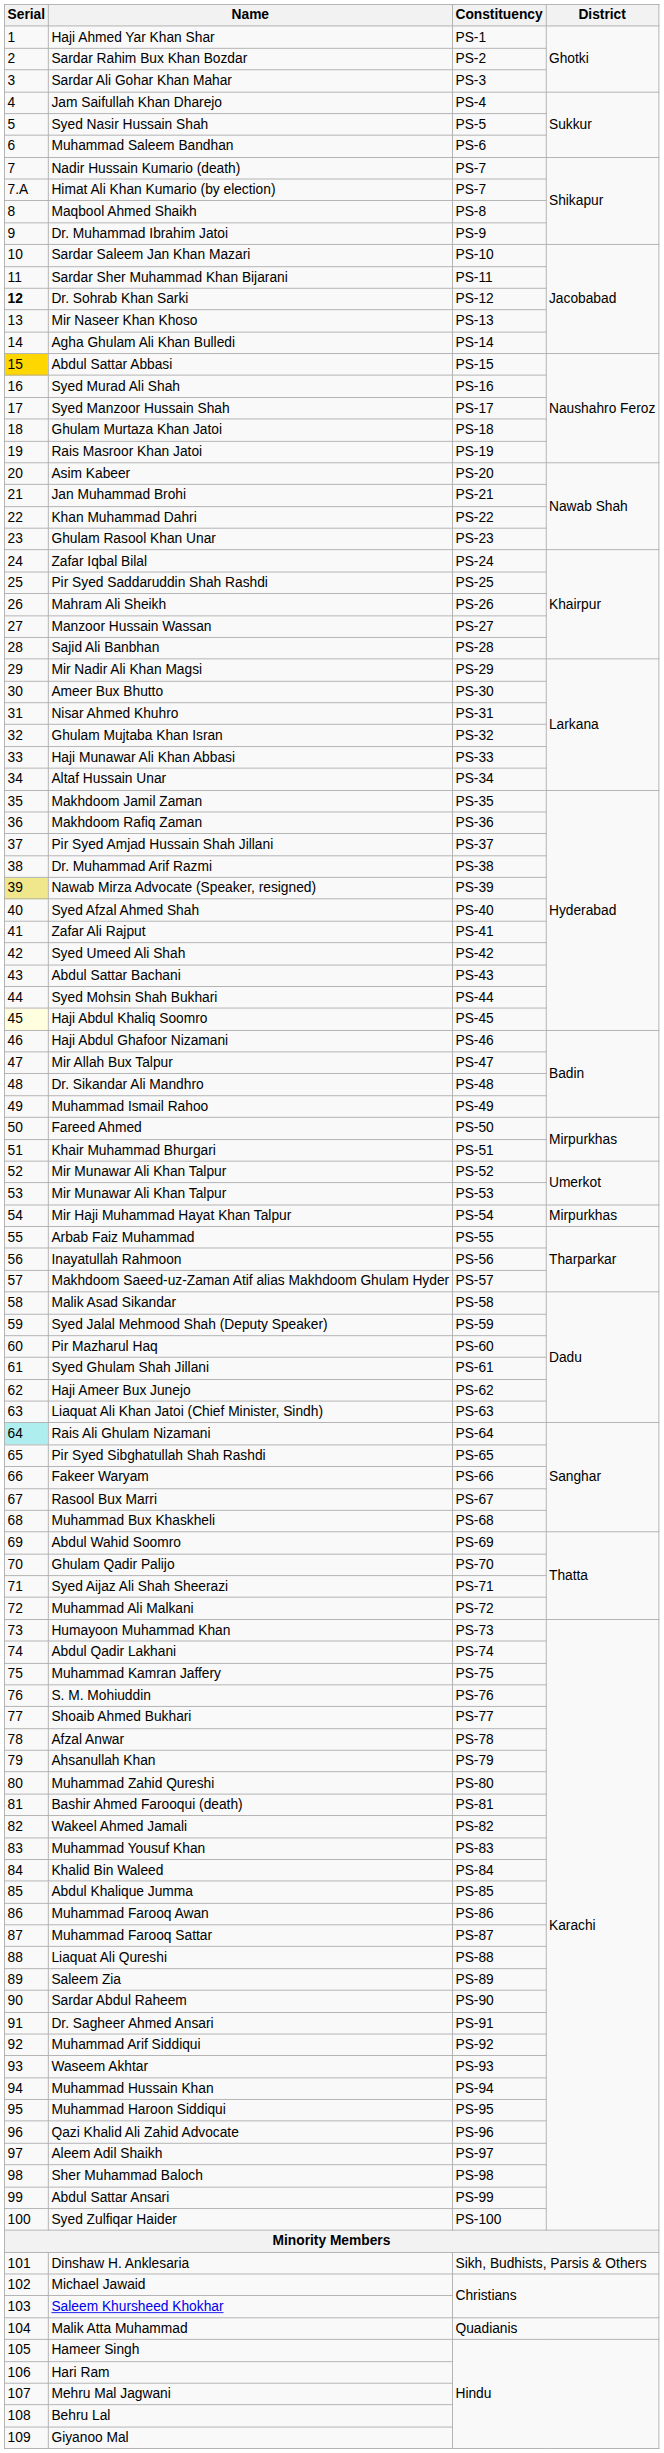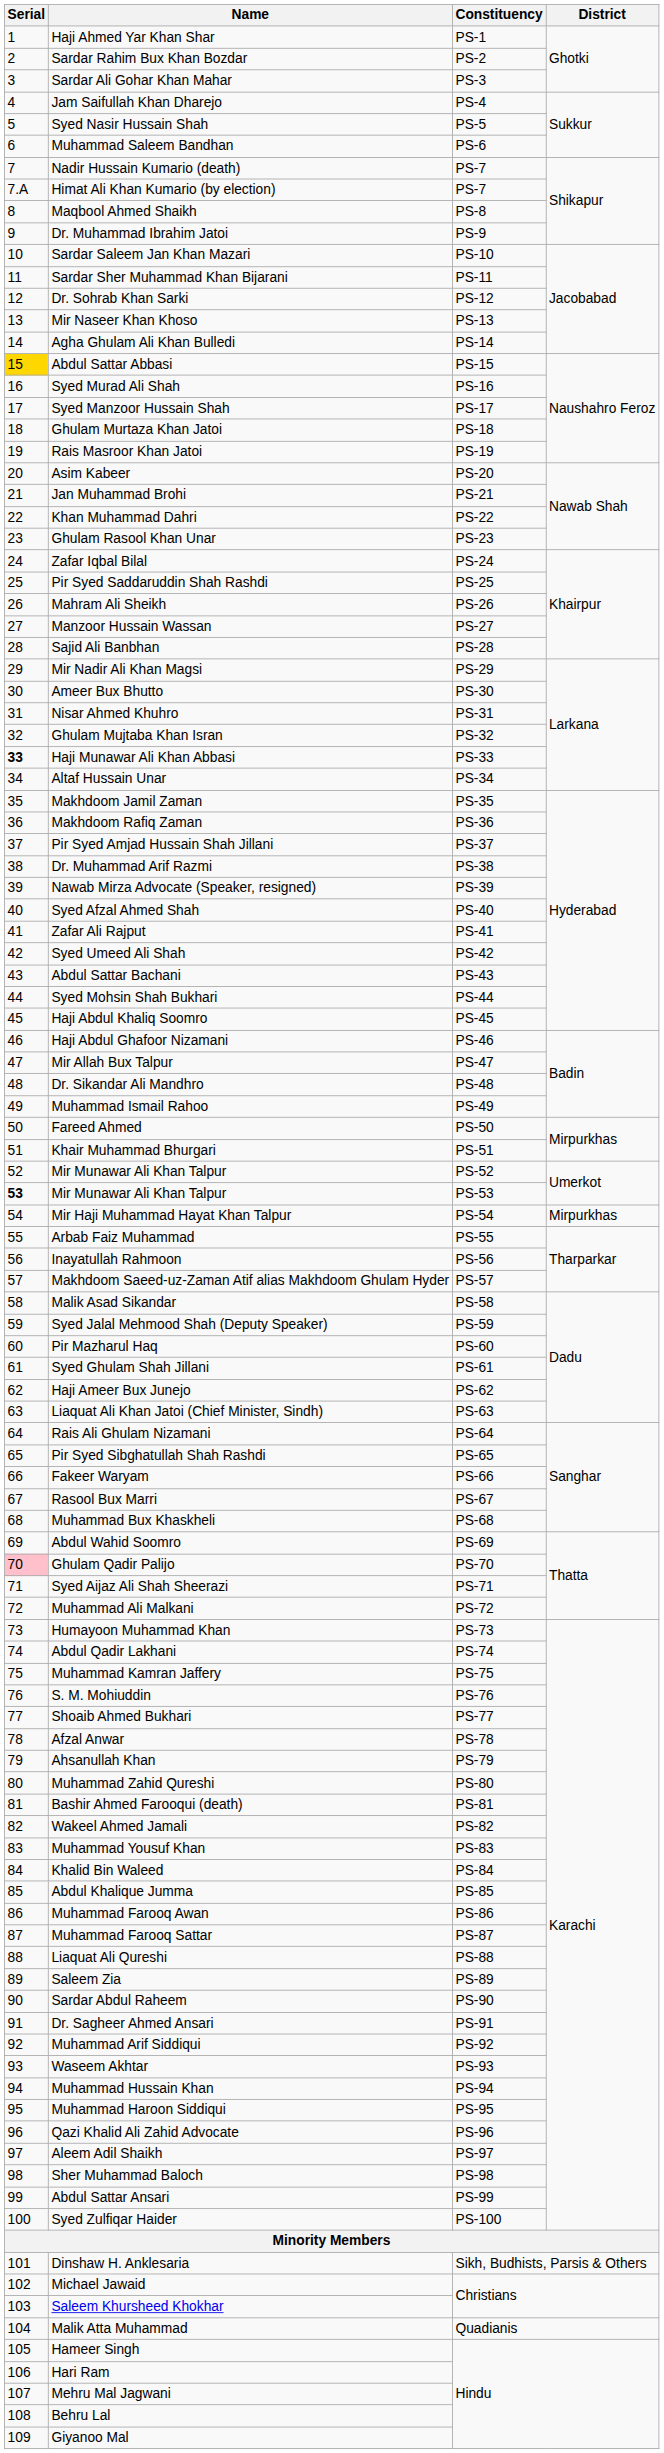 <table class="wikitable">
 <tr>
 <th>Serial</th>
 <th>Name</th>
 <th>Constituency</th>
 <th>District</th>
 </tr>
 <tr>
 <td>1</td>
 <td>Haji Ahmed Yar Khan Shar</td>
 <td>PS-1</td>
 <td rowspan="3">Ghotki</td>
 </tr>
 <tr>
 <td>2</td>
 <td>Sardar Rahim Bux Khan Bozdar</td>
 <td>PS-2</td>
 </tr>
 <tr>
 <td>3</td>
 <td>Sardar Ali Gohar Khan Mahar</td>
 <td>PS-3</td>
 </tr>
 <tr>
 <td>4</td>
 <td>Jam Saifullah Khan Dharejo</td>
 <td>PS-4</td>
 <td rowspan="3">Sukkur</td>
 </tr>
 <tr>
 <td>5</td>
 <td>Syed Nasir Hussain Shah</td>
 <td>PS-5</td>
 </tr>
 <tr>
 <td>6</td>
 <td>Muhammad Saleem Bandhan</td>
 <td>PS-6</td>
 </tr>
 <tr>
 <td>7</td>
 <td>Nadir Hussain Kumario (death)</td>
 <td>PS-7</td>
 <td rowspan="4">Shikapur</td>
 </tr>
 <tr>
 <td>7.A</td>
 <td>Himat Ali Khan Kumario (by election)</td>
 <td>PS-7</td>
 </tr>
 <tr>
 <td>8</td>
 <td>Maqbool Ahmed Shaikh</td>
 <td>PS-8</td>
 </tr>
 <tr>
 <td>9</td>
 <td>Dr. Muhammad Ibrahim Jatoi</td>
 <td>PS-9</td>
 </tr>
 <tr>
 <td>10</td>
 <td>Sardar Saleem Jan Khan Mazari</td>
 <td>PS-10</td>
 <td rowspan="5">Jacobabad</td>
 </tr>
 <tr>
 <td>11</td>
 <td>Sardar Sher Muhammad Khan Bijarani</td>
 <td>PS-11</td>
 </tr>
 <tr>
-<td><strong>12</strong></td>
+<td>12</td>
 <td>Dr. Sohrab Khan Sarki</td>
 <td>PS-12</td>
 </tr>
 <tr>
 <td>13</td>
 <td>Mir Naseer Khan Khoso</td>
 <td>PS-13</td>
 </tr>
 <tr>
 <td>14</td>
 <td>Agha Ghulam Ali Khan Bulledi</td>
 <td>PS-14</td>
 </tr>
 <tr>
 <td style="background: gold;">15</td>
 <td>Abdul Sattar Abbasi</td>
 <td>PS-15</td>
 <td rowspan="5">Naushahro Feroz</td>
 </tr>
 <tr>
 <td>16</td>
 <td>Syed Murad Ali Shah</td>
 <td>PS-16</td>
 </tr>
 <tr>
 <td>17</td>
 <td>Syed Manzoor Hussain Shah</td>
 <td>PS-17</td>
 </tr>
 <tr>
 <td>18</td>
 <td>Ghulam Murtaza Khan Jatoi</td>
 <td>PS-18</td>
 </tr>
 <tr>
 <td>19</td>
 <td>Rais Masroor Khan Jatoi</td>
 <td>PS-19</td>
 </tr>
 <tr>
 <td>20</td>
 <td>Asim Kabeer</td>
 <td>PS-20</td>
 <td rowspan="4">Nawab Shah</td>
 </tr>
 <tr>
 <td>21</td>
 <td>Jan Muhammad Brohi</td>
 <td>PS-21</td>
 </tr>
 <tr>
 <td>22</td>
 <td>Khan Muhammad Dahri</td>
 <td>PS-22</td>
 </tr>
 <tr>
 <td>23</td>
 <td>Ghulam Rasool Khan Unar</td>
 <td>PS-23</td>
 </tr>
 <tr>
 <td>24</td>
 <td>Zafar Iqbal Bilal</td>
 <td>PS-24</td>
 <td rowspan="5">Khairpur</td>
 </tr>
 <tr>
 <td>25</td>
 <td>Pir Syed Saddaruddin Shah Rashdi</td>
 <td>PS-25</td>
 </tr>
 <tr>
 <td>26</td>
 <td>Mahram Ali Sheikh</td>
 <td>PS-26</td>
 </tr>
 <tr>
 <td>27</td>
 <td>Manzoor Hussain Wassan</td>
 <td>PS-27</td>
 </tr>
 <tr>
 <td>28</td>
 <td>Sajid Ali Banbhan</td>
 <td>PS-28</td>
 </tr>
 <tr>
 <td>29</td>
 <td>Mir Nadir Ali Khan Magsi</td>
 <td>PS-29</td>
 <td rowspan="6">Larkana</td>
 </tr>
 <tr>
 <td>30</td>
 <td>Ameer Bux Bhutto</td>
 <td>PS-30</td>
 </tr>
 <tr>
 <td>31</td>
 <td>Nisar Ahmed Khuhro</td>
 <td>PS-31</td>
 </tr>
 <tr>
 <td>32</td>
 <td>Ghulam Mujtaba Khan Isran</td>
 <td>PS-32</td>
 </tr>
 <tr>
-<td>33</td>
+<td><strong>33</strong></td>
 <td>Haji Munawar Ali Khan Abbasi</td>
 <td>PS-33</td>
 </tr>
 <tr>
 <td>34</td>
 <td>Altaf Hussain Unar</td>
 <td>PS-34</td>
 </tr>
 <tr>
 <td>35</td>
 <td>Makhdoom Jamil Zaman</td>
 <td>PS-35</td>
 <td rowspan="11">Hyderabad</td>
 </tr>
 <tr>
 <td>36</td>
 <td>Makhdoom Rafiq Zaman</td>
 <td>PS-36</td>
 </tr>
 <tr>
 <td>37</td>
 <td>Pir Syed Amjad Hussain Shah Jillani</td>
 <td>PS-37</td>
 </tr>
 <tr>
 <td>38</td>
 <td>Dr. Muhammad Arif Razmi</td>
 <td>PS-38</td>
 </tr>
 <tr>
-<td style="background: khaki;">39</td>
+<td>39</td>
 <td>Nawab Mirza Advocate (Speaker, resigned)</td>
 <td>PS-39</td>
 </tr>
 <tr>
 <td>40</td>
 <td>Syed Afzal Ahmed Shah</td>
 <td>PS-40</td>
 </tr>
 <tr>
 <td>41</td>
 <td>Zafar Ali Rajput</td>
 <td>PS-41</td>
 </tr>
 <tr>
 <td>42</td>
 <td>Syed Umeed Ali Shah</td>
 <td>PS-42</td>
 </tr>
 <tr>
 <td>43</td>
 <td>Abdul Sattar Bachani</td>
 <td>PS-43</td>
 </tr>
 <tr>
 <td>44</td>
 <td>Syed Mohsin Shah Bukhari</td>
 <td>PS-44</td>
 </tr>
 <tr>
-<td style="background: lightyellow;">45</td>
+<td>45</td>
 <td>Haji Abdul Khaliq Soomro</td>
 <td>PS-45</td>
 </tr>
 <tr>
 <td>46</td>
 <td>Haji Abdul Ghafoor Nizamani</td>
 <td>PS-46</td>
 <td rowspan="4">Badin</td>
 </tr>
 <tr>
 <td>47</td>
 <td>Mir Allah Bux Talpur</td>
 <td>PS-47</td>
 </tr>
 <tr>
 <td>48</td>
 <td>Dr. Sikandar Ali Mandhro</td>
 <td>PS-48</td>
 </tr>
 <tr>
 <td>49</td>
 <td>Muhammad Ismail Rahoo</td>
 <td>PS-49</td>
 </tr>
 <tr>
 <td>50</td>
 <td>Fareed Ahmed</td>
 <td>PS-50</td>
 <td rowspan="2">Mirpurkhas</td>
 </tr>
 <tr>
 <td>51</td>
 <td>Khair Muhammad Bhurgari</td>
 <td>PS-51</td>
 </tr>
 <tr>
 <td>52</td>
 <td>Mir Munawar Ali Khan Talpur</td>
 <td>PS-52</td>
 <td rowspan="2">Umerkot</td>
 </tr>
 <tr>
-<td>53</td>
+<td><strong>53</strong></td>
 <td>Mir Munawar Ali Khan Talpur</td>
 <td>PS-53</td>
 </tr>
 <tr>
 <td>54</td>
 <td>Mir Haji Muhammad Hayat Khan Talpur</td>
 <td>PS-54</td>
 <td>Mirpurkhas</td>
 </tr>
 <tr>
 <td>55</td>
 <td>Arbab Faiz Muhammad</td>
 <td>PS-55</td>
 <td rowspan="3">Tharparkar</td>
 </tr>
 <tr>
 <td>56</td>
 <td>Inayatullah Rahmoon</td>
 <td>PS-56</td>
 </tr>
 <tr>
 <td>57</td>
 <td>Makhdoom Saeed-uz-Zaman Atif alias Makhdoom Ghulam Hyder</td>
 <td>PS-57</td>
 </tr>
 <tr>
 <td>58</td>
 <td>Malik Asad Sikandar</td>
 <td>PS-58</td>
 <td rowspan="6">Dadu</td>
 </tr>
 <tr>
 <td>59</td>
 <td>Syed Jalal Mehmood Shah (Deputy Speaker)</td>
 <td>PS-59</td>
 </tr>
 <tr>
 <td>60</td>
 <td>Pir Mazharul Haq</td>
 <td>PS-60</td>
 </tr>
 <tr>
 <td>61</td>
 <td>Syed Ghulam Shah Jillani</td>
 <td>PS-61</td>
 </tr>
 <tr>
 <td>62</td>
 <td>Haji Ameer Bux Junejo</td>
 <td>PS-62</td>
 </tr>
 <tr>
 <td>63</td>
 <td>Liaquat Ali Khan Jatoi (Chief Minister, Sindh)</td>
 <td>PS-63</td>
 </tr>
 <tr>
-<td style="background: paleturquoise;">64</td>
+<td>64</td>
 <td>Rais Ali Ghulam Nizamani</td>
 <td>PS-64</td>
 <td rowspan="5">Sanghar</td>
 </tr>
 <tr>
 <td>65</td>
 <td>Pir Syed Sibghatullah Shah Rashdi</td>
 <td>PS-65</td>
 </tr>
 <tr>
 <td>66</td>
 <td>Fakeer Waryam</td>
 <td>PS-66</td>
 </tr>
 <tr>
 <td>67</td>
 <td>Rasool Bux Marri</td>
 <td>PS-67</td>
 </tr>
 <tr>
 <td>68</td>
 <td>Muhammad Bux Khaskheli</td>
 <td>PS-68</td>
 </tr>
 <tr>
 <td>69</td>
 <td>Abdul Wahid Soomro</td>
 <td>PS-69</td>
 <td rowspan="4">Thatta</td>
 </tr>
 <tr>
-<td>70</td>
+<td style="background: pink;">70</td>
 <td>Ghulam Qadir Palijo</td>
 <td>PS-70</td>
 </tr>
 <tr>
 <td>71</td>
 <td>Syed Aijaz Ali Shah Sheerazi</td>
 <td>PS-71</td>
 </tr>
 <tr>
 <td>72</td>
 <td>Muhammad Ali Malkani</td>
 <td>PS-72</td>
 </tr>
 <tr>
 <td>73</td>
 <td>Humayoon Muhammad Khan</td>
 <td>PS-73</td>
 <td rowspan="28">Karachi</td>
 </tr>
 <tr>
 <td>74</td>
 <td>Abdul Qadir Lakhani</td>
 <td>PS-74</td>
 </tr>
 <tr>
 <td>75</td>
 <td>Muhammad Kamran Jaffery</td>
 <td>PS-75</td>
 </tr>
 <tr>
 <td>76</td>
 <td>S. M. Mohiuddin</td>
 <td>PS-76</td>
 </tr>
 <tr>
 <td>77</td>
 <td>Shoaib Ahmed Bukhari</td>
 <td>PS-77</td>
 </tr>
 <tr>
 <td>78</td>
 <td>Afzal Anwar</td>
 <td>PS-78</td>
 </tr>
 <tr>
 <td>79</td>
 <td>Ahsanullah Khan</td>
 <td>PS-79</td>
 </tr>
 <tr>
 <td>80</td>
 <td>Muhammad Zahid Qureshi</td>
 <td>PS-80</td>
 </tr>
 <tr>
 <td>81</td>
 <td>Bashir Ahmed Farooqui (death)</td>
 <td>PS-81</td>
 </tr>
 <tr>
 <td>82</td>
 <td>Wakeel Ahmed Jamali</td>
 <td>PS-82</td>
 </tr>
 <tr>
 <td>83</td>
 <td>Muhammad Yousuf Khan</td>
 <td>PS-83</td>
 </tr>
 <tr>
 <td>84</td>
 <td>Khalid Bin Waleed</td>
 <td>PS-84</td>
 </tr>
 <tr>
 <td>85</td>
 <td>Abdul Khalique Jumma</td>
 <td>PS-85</td>
 </tr>
 <tr>
 <td>86</td>
 <td>Muhammad Farooq Awan</td>
 <td>PS-86</td>
 </tr>
 <tr>
 <td>87</td>
 <td>Muhammad Farooq Sattar</td>
 <td>PS-87</td>
 </tr>
 <tr>
 <td>88</td>
 <td>Liaquat Ali Qureshi</td>
 <td>PS-88</td>
 </tr>
 <tr>
 <td>89</td>
 <td>Saleem Zia</td>
 <td>PS-89</td>
 </tr>
 <tr>
 <td>90</td>
 <td>Sardar Abdul Raheem</td>
 <td>PS-90</td>
 </tr>
 <tr>
 <td>91</td>
 <td>Dr. Sagheer Ahmed Ansari</td>
 <td>PS-91</td>
 </tr>
 <tr>
 <td>92</td>
 <td>Muhammad Arif Siddiqui</td>
 <td>PS-92</td>
 </tr>
 <tr>
 <td>93</td>
 <td>Waseem Akhtar</td>
 <td>PS-93</td>
 </tr>
 <tr>
 <td>94</td>
 <td>Muhammad Hussain Khan</td>
 <td>PS-94</td>
 </tr>
 <tr>
 <td>95</td>
 <td>Muhammad Haroon Siddiqui</td>
 <td>PS-95</td>
 </tr>
 <tr>
 <td>96</td>
 <td>Qazi Khalid Ali Zahid Advocate</td>
 <td>PS-96</td>
 </tr>
 <tr>
 <td>97</td>
 <td>Aleem Adil Shaikh</td>
 <td>PS-97</td>
 </tr>
 <tr>
 <td>98</td>
 <td>Sher Muhammad Baloch</td>
 <td>PS-98</td>
 </tr>
 <tr>
 <td>99</td>
 <td>Abdul Sattar Ansari</td>
 <td>PS-99</td>
 </tr>
 <tr>
 <td>100</td>
 <td>Syed Zulfiqar Haider</td>
 <td>PS-100</td>
 </tr>
 <tr>
 <th colspan="4">Minority Members</th>
 </tr>
 <tr>
 <td>101</td>
 <td>Dinshaw H. Anklesaria</td>
 <td colspan="2">Sikh, Budhists, Parsis & Others</td>
 </tr>
 <tr>
 <td>102</td>
 <td>Michael Jawaid</td>
 <td colspan="2" rowspan="2">Christians</td>
 </tr>
 <tr>
 <td>103</td>
 <td><a href='#'>Saleem Khursheed Khokhar</a></td>
 </tr>
 <tr>
 <td>104</td>
 <td>Malik Atta Muhammad</td>
 <td colspan="2">Quadianis</td>
 </tr>
 <tr>
 <td>105</td>
 <td>Hameer Singh</td>
 <td colspan="2" rowspan="5">Hindu</td>
 </tr>
 <tr>
 <td>106</td>
 <td>Hari Ram</td>
 </tr>
 <tr>
 <td>107</td>
 <td>Mehru Mal Jagwani</td>
 </tr>
 <tr>
 <td>108</td>
 <td>Behru Lal</td>
 </tr>
 <tr>
 <td>109</td>
 <td>Giyanoo Mal</td>
 </tr>
 </table>
